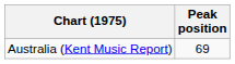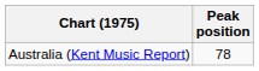 <table class="wikitable">
 <tr>
 <th scope="col">Chart (1975)</th>
 <th>Peak<br>position</th>
 </tr>
 <tr>
 <td>Australia (<a href='#'>Kent Music Report</a>)</td>
-<td style="text-align:center;">69</td>
+<td style="text-align:center;">78</td>
 </tr>
 </table>
